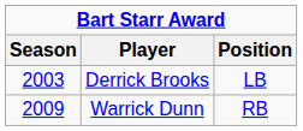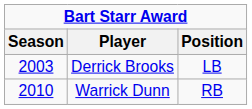 <table class="wikitable" style="text-align:center">
 <tr>
 <td colspan="3"><strong><a href='#'><span>Bart Starr Award</span></a></strong></td>
 </tr>
 <tr>
 <th>Season</th>
 <th>Player</th>
 <th>Position</th>
 </tr>
 <tr>
 <td><a href='#'>2003</a></td>
 <td><a href='#'>Derrick Brooks</a></td>
 <td><a href='#'>LB</a></td>
 </tr>
 <tr>
-<td><a href='#'>2009</a></td>
+<td><a href='#'>2010</a></td>
 <td><a href='#'>Warrick Dunn</a></td>
 <td><a href='#'>RB</a></td>
 </tr>
 </table>
